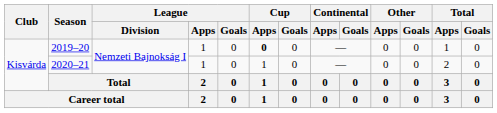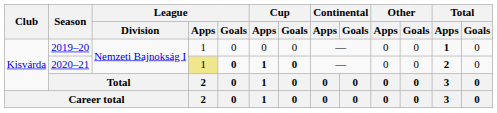 <table class="wikitable" style="text-align:center">
 <tr>
 <th rowspan="2">Club</th>
 <th rowspan="2">Season</th>
 <th colspan="3">League</th>
 <th colspan="2">Cup</th>
 <th colspan="2">Continental</th>
 <th colspan="2">Other</th>
 <th colspan="2">Total</th>
 </tr>
 <tr>
 <th>Division</th>
 <th>Apps</th>
 <th>Goals</th>
 <th>Apps</th>
 <th>Goals</th>
 <th>Apps</th>
 <th>Goals</th>
 <th>Apps</th>
 <th>Goals</th>
 <th>Apps</th>
 <th>Goals</th>
 </tr>
 <tr>
 <td rowspan="3"><a href='#'>Kisvárda</a></td>
 <td><a href='#'>2019–20</a></td>
 <td rowspan="2"><a href='#'>Nemzeti Bajnokság I</a></td>
 <td>1</td>
 <td>0</td>
-<td><strong>0</strong></td>
+<td>0</td>
 <td>0</td>
 <td colspan="2">—</td>
 <td>0</td>
 <td>0</td>
-<td>1</td>
+<td><strong>1</strong></td>
 <td>0</td>
 </tr>
 <tr>
 <td><a href='#'>2020–21</a></td>
-<td>1</td>
-<td>0</td>
-<td>1</td>
-<td>0</td>
+<td style="background: khaki;">1</td>
+<td><strong>0</strong></td>
+<td><strong>1</strong></td>
+<td><strong>0</strong></td>
 <td colspan="2">—</td>
 <td>0</td>
 <td>0</td>
-<td>2</td>
+<td><strong>2</strong></td>
 <td>0</td>
 </tr>
 <tr>
 <th colspan="2">Total</th>
 <th>2</th>
 <th>0</th>
 <th>1</th>
 <th>0</th>
 <th>0</th>
 <th>0</th>
 <th>0</th>
 <th>0</th>
 <th>3</th>
 <th>0</th>
 </tr>
 <tr>
 <th colspan="3">Career total</th>
 <th>2</th>
 <th>0</th>
 <th>1</th>
 <th>0</th>
 <th>0</th>
 <th>0</th>
 <th>0</th>
 <th>0</th>
 <th>3</th>
 <th>0</th>
 </tr>
 </table>
